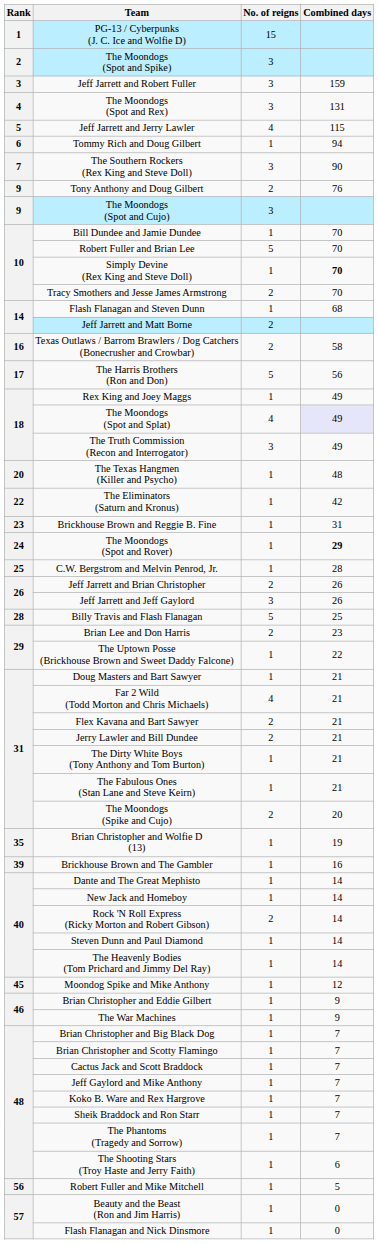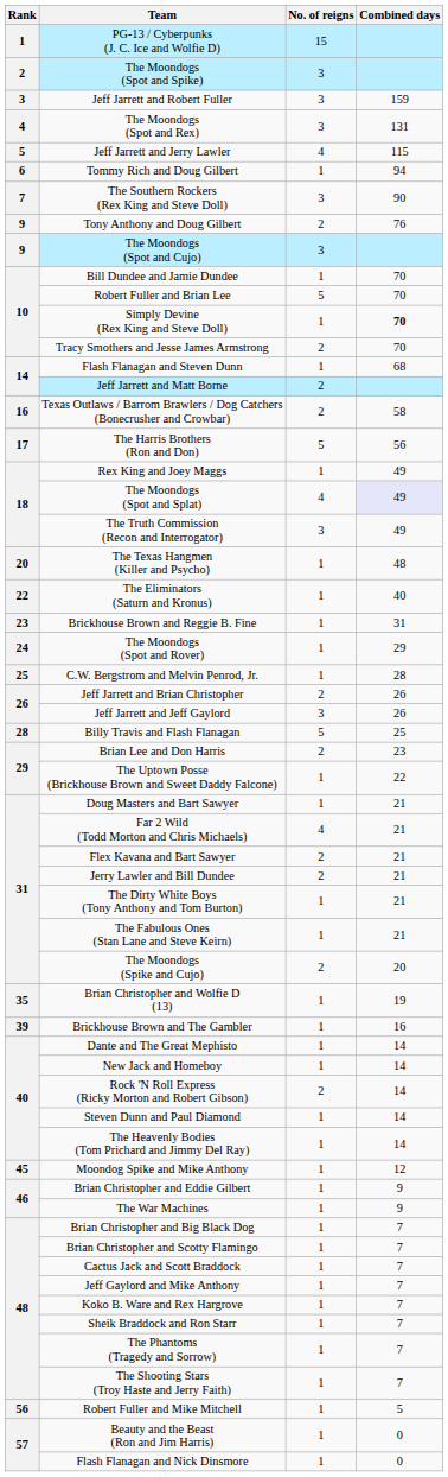 <table class="wikitable sortable" style="text-align: center">
 <tr>
 <th data-sort-type="number">Rank</th>
 <th>Team</th>
 <th data-sort-type="number">No. of reigns</th>
 <th data-sort-type="number">Combined days</th>
 </tr>
 <tr style="background-color:#bbeeff">
 <th scope="row">1</th>
 <td>PG-13 / Cyberpunks<br>(J. C. Ice and Wolfie D)</td>
 <td>15</td>
 <td></td>
 </tr>
 <tr style="background-color:#bbeeff">
 <th scope="row">2</th>
 <td>The Moondogs<br>(Spot and Spike)</td>
 <td>3</td>
 <td></td>
 </tr>
 <tr>
 <th scope="row">3</th>
 <td>Jeff Jarrett and Robert Fuller</td>
 <td>3</td>
 <td>159</td>
 </tr>
 <tr>
 <th scope="row">4</th>
 <td>The Moondogs<br>(Spot and Rex)</td>
 <td>3</td>
 <td>131</td>
 </tr>
 <tr>
 <th scope="row">5</th>
 <td>Jeff Jarrett and Jerry Lawler</td>
 <td>4</td>
 <td>115</td>
 </tr>
 <tr>
 <th scope="row">6</th>
 <td>Tommy Rich and Doug Gilbert</td>
 <td>1</td>
 <td>94</td>
 </tr>
 <tr>
 <th scope="row">7</th>
 <td>The Southern Rockers<br>(Rex King and Steve Doll)</td>
 <td>3</td>
 <td>90</td>
 </tr>
 <tr>
 <th scope="row">9</th>
 <td>Tony Anthony and Doug Gilbert</td>
 <td>2</td>
 <td>76</td>
 </tr>
 <tr style="background-color:#bbeeff">
 <th scope="row">9</th>
 <td>The Moondogs<br>(Spot and Cujo)</td>
 <td>3</td>
 <td></td>
 </tr>
 <tr>
 <th scope="row" rowspan=4>10</th>
 <td>Bill Dundee and Jamie Dundee</td>
 <td>1</td>
 <td>70</td>
 </tr>
 <tr>
 <td>Robert Fuller and Brian Lee</td>
 <td>5</td>
 <td>70</td>
 </tr>
 <tr>
 <td>Simply Devine<br>(Rex King and Steve Doll)</td>
 <td>1</td>
 <td><strong>70</strong></td>
 </tr>
 <tr>
 <td>Tracy Smothers and Jesse James Armstrong</td>
 <td>2</td>
 <td>70</td>
 </tr>
 <tr>
 <th scope="row" rowspan=2>14</th>
 <td>Flash Flanagan and Steven Dunn</td>
 <td>1</td>
 <td>68</td>
 </tr>
 <tr style="background-color:#bbeeff">
 <td>Jeff Jarrett and Matt Borne</td>
 <td>2</td>
 <td></td>
 </tr>
 <tr>
 <th scope="row">16</th>
 <td>Texas Outlaws / Barrom Brawlers / Dog Catchers<br>(Bonecrusher and Crowbar)</td>
 <td>2</td>
 <td>58</td>
 </tr>
 <tr>
 <th scope="row">17</th>
 <td>The Harris Brothers<br>(Ron and Don)</td>
 <td>5</td>
 <td>56</td>
 </tr>
 <tr>
 <th scope="row"  rowspan=3>18</th>
 <td>Rex King and Joey Maggs</td>
 <td>1</td>
 <td>49</td>
 </tr>
 <tr>
 <td>The Moondogs<br>(Spot and Splat)</td>
 <td>4</td>
 <td style="background: lavender;">49</td>
 </tr>
 <tr>
 <td>The Truth Commission<br>(Recon and Interrogator)</td>
 <td>3</td>
 <td>49</td>
 </tr>
 <tr>
 <th scope="row">20</th>
 <td>The Texas Hangmen<br>(Killer and Psycho)</td>
 <td>1</td>
 <td>48</td>
 </tr>
 <tr>
 <th scope="row">22</th>
 <td>The Eliminators<br>(Saturn and Kronus)</td>
 <td>1</td>
-<td>42</td>
+<td>40</td>
 </tr>
 <tr>
 <th scope="row">23</th>
 <td>Brickhouse Brown and Reggie B. Fine</td>
 <td>1</td>
 <td>31</td>
 </tr>
 <tr>
 <th scope="row">24</th>
 <td>The Moondogs<br>(Spot and Rover)</td>
 <td>1</td>
-<td><strong>29</strong></td>
+<td>29</td>
 </tr>
 <tr>
 <th scope="row">25</th>
 <td>C.W. Bergstrom and Melvin Penrod, Jr.</td>
 <td>1</td>
 <td>28</td>
 </tr>
 <tr>
 <th scope="row"  rowspan=2>26</th>
 <td>Jeff Jarrett and Brian Christopher</td>
 <td>2</td>
 <td>26</td>
 </tr>
 <tr>
 <td>Jeff Jarrett and Jeff Gaylord</td>
 <td>3</td>
 <td>26</td>
 </tr>
 <tr>
 <th scope="row">28</th>
 <td>Billy Travis and Flash Flanagan</td>
 <td>5</td>
 <td>25</td>
 </tr>
 <tr>
 <th scope="row"  rowspan=2>29</th>
 <td>Brian Lee and Don Harris</td>
 <td>2</td>
 <td>23</td>
 </tr>
 <tr>
 <td>The Uptown Posse<br>(Brickhouse Brown and Sweet Daddy Falcone)</td>
 <td>1</td>
 <td>22</td>
 </tr>
 <tr>
 <th scope="row"  rowspan=7>31</th>
 <td>Doug Masters and Bart Sawyer</td>
 <td>1</td>
 <td>21</td>
 </tr>
 <tr>
 <td>Far 2 Wild<br>(Todd Morton and Chris Michaels)</td>
 <td>4</td>
 <td>21</td>
 </tr>
 <tr>
 <td>Flex Kavana and Bart Sawyer</td>
 <td>2</td>
 <td>21</td>
 </tr>
 <tr>
 <td>Jerry Lawler and Bill Dundee</td>
 <td>2</td>
 <td>21</td>
 </tr>
 <tr>
 <td>The Dirty White Boys<br>(Tony Anthony and Tom Burton)</td>
 <td>1</td>
 <td>21</td>
 </tr>
 <tr>
 <td>The Fabulous Ones<br>(Stan Lane and Steve Keirn)</td>
 <td>1</td>
 <td>21</td>
 </tr>
 <tr>
 <td>The Moondogs<br>(Spike and Cujo)</td>
 <td>2</td>
 <td>20</td>
 </tr>
 <tr>
 <th scope="row">35</th>
 <td>Brian Christopher and Wolfie D<br>(13)</td>
 <td>1</td>
 <td>19</td>
 </tr>
 <tr>
 <th scope="row">39</th>
 <td>Brickhouse Brown and The Gambler</td>
 <td>1</td>
 <td>16</td>
 </tr>
 <tr>
 <th scope="row"  rowspan=5>40</th>
 <td>Dante and The Great Mephisto</td>
 <td>1</td>
 <td>14</td>
 </tr>
 <tr>
 <td>New Jack and Homeboy</td>
 <td>1</td>
 <td>14</td>
 </tr>
 <tr>
 <td>Rock 'N Roll Express<br>(Ricky Morton and Robert Gibson)</td>
 <td>2</td>
 <td>14</td>
 </tr>
 <tr>
 <td>Steven Dunn and Paul Diamond</td>
 <td>1</td>
 <td>14</td>
 </tr>
 <tr>
 <td>The Heavenly Bodies<br>(Tom Prichard and Jimmy Del Ray)</td>
 <td>1</td>
 <td>14</td>
 </tr>
 <tr>
 <th scope="row">45</th>
 <td>Moondog Spike and Mike Anthony</td>
 <td>1</td>
 <td>12</td>
 </tr>
 <tr>
 <th scope="row"  rowspan=2>46</th>
 <td>Brian Christopher and Eddie Gilbert</td>
 <td>1</td>
 <td>9</td>
 </tr>
 <tr>
 <td>The War Machines</td>
 <td>1</td>
 <td>9</td>
 </tr>
 <tr>
 <th scope="row"  rowspan=8>48</th>
 <td>Brian Christopher and Big Black Dog</td>
 <td>1</td>
 <td>7</td>
 </tr>
 <tr>
 <td>Brian Christopher and Scotty Flamingo</td>
 <td>1</td>
 <td>7</td>
 </tr>
 <tr>
 <td>Cactus Jack and Scott Braddock</td>
 <td>1</td>
 <td>7</td>
 </tr>
 <tr>
 <td>Jeff Gaylord and Mike Anthony</td>
 <td>1</td>
 <td>7</td>
 </tr>
 <tr>
 <td>Koko B. Ware and Rex Hargrove</td>
 <td>1</td>
 <td>7</td>
 </tr>
 <tr>
 <td>Sheik Braddock and Ron Starr</td>
 <td>1</td>
 <td>7</td>
 </tr>
 <tr>
 <td>The Phantoms<br>(Tragedy and Sorrow)</td>
 <td>1</td>
 <td>7</td>
 </tr>
 <tr>
 <td>The Shooting Stars<br>(Troy Haste and Jerry Faith)</td>
 <td>1</td>
-<td>6</td>
+<td>7</td>
 </tr>
 <tr>
 <th scope="row">56</th>
 <td>Robert Fuller and Mike Mitchell</td>
 <td>1</td>
 <td>5</td>
 </tr>
 <tr>
 <th scope="row"  rowspan=2>57</th>
 <td>Beauty and the Beast<br>(Ron and Jim Harris)</td>
 <td>1</td>
 <td>0</td>
 </tr>
 <tr>
 <td>Flash Flanagan and Nick Dinsmore</td>
 <td>1</td>
 <td>0</td>
 </tr>
 </table>
